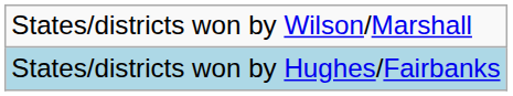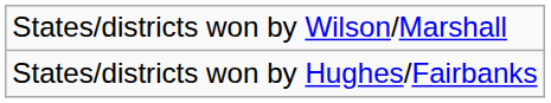 <table class="wikitable">
 <tr>
 <td>States/districts won by <a href='#'>Wilson</a>/<a href='#'>Marshall</a></td>
 </tr>
 <tr>
-<td style="background: lightblue;">States/districts won by <a href='#'>Hughes</a>/<a href='#'>Fairbanks</a></td>
+<td>States/districts won by <a href='#'>Hughes</a>/<a href='#'>Fairbanks</a></td>
 </tr>
 </table>
